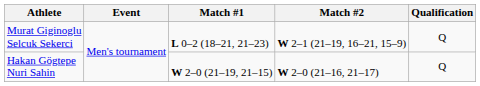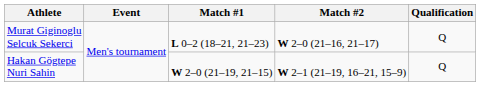 <table class=wikitable>
 <tr>
 <th>Athlete</th>
 <th>Event</th>
 <th>Match #1</th>
 <th>Match #2</th>
 <th>Qualification</th>
 </tr>
 <tr>
 <td><a href='#'>Murat Giginoglu</a> <br> <a href='#'>Selcuk Sekerci</a></td>
 <td rowspan=2><a href='#'>Men's tournament</a></td>
 <td> <br><strong>L</strong> 0–2 (18–21, 21–23)</td>
-<td> <br><strong>W</strong> 2–1 (21–19, 16–21, 15–9)</td>
+<td> <br><strong>W</strong> 2–0 (21–16, 21–17)</td>
 <td align=center>Q</td>
 </tr>
 <tr>
 <td><a href='#'>Hakan Gögtepe</a> <br> <a href='#'>Nuri Sahin</a></td>
 <td> <br><strong>W</strong> 2–0 (21–19, 21–15)</td>
-<td> <br><strong>W</strong> 2–0 (21–16, 21–17)</td>
+<td> <br><strong>W</strong> 2–1 (21–19, 16–21, 15–9)</td>
 <td align=center>Q</td>
 </tr>
 </table>
